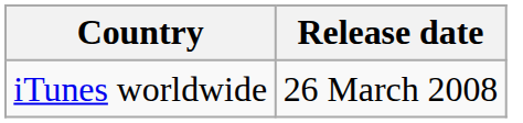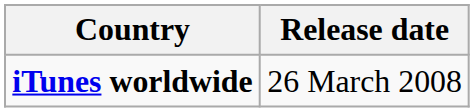 <table class="wikitable">
 <tr>
 <th>Country</th>
 <th>Release date</th>
 </tr>
 <tr>
-<td><a href='#'>iTunes</a> worldwide</td>
+<td><strong><a href='#'>iTunes</a> worldwide</strong></td>
 <td colspan=2>26 March 2008</td>
 </tr>
 </table>
